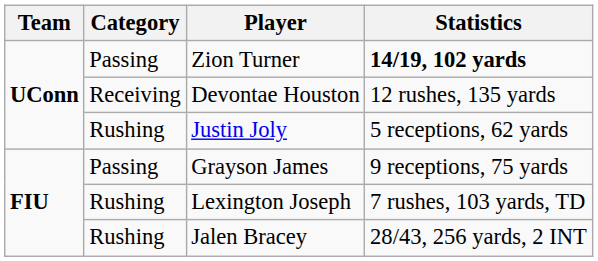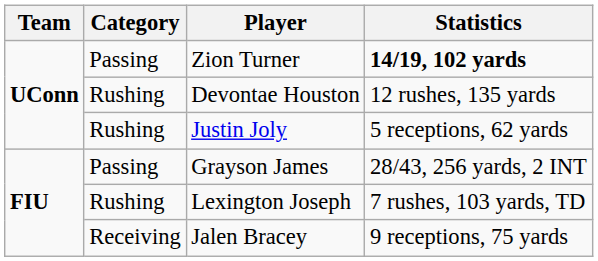 <table class="wikitable" style="float: left;">
 <tr>
 <th>Team</th>
 <th>Category</th>
 <th>Player</th>
 <th>Statistics</th>
 </tr>
 <tr>
 <td rowspan=3><strong>UConn</strong></td>
 <td>Passing</td>
 <td>Zion Turner</td>
 <td><strong>14/19, 102 yards</strong></td>
 </tr>
 <tr>
-<td>Receiving</td>
+<td>Rushing</td>
 <td>Devontae Houston</td>
 <td>12 rushes, 135 yards</td>
 </tr>
 <tr>
 <td>Rushing</td>
 <td><a href='#'>Justin Joly</a></td>
 <td>5 receptions, 62 yards</td>
 </tr>
 <tr>
 <td rowspan=3><strong>FIU</strong></td>
 <td>Passing</td>
 <td>Grayson James</td>
-<td>9 receptions, 75 yards</td>
+<td>28/43, 256 yards, 2 INT</td>
 </tr>
 <tr>
 <td>Rushing</td>
 <td>Lexington Joseph</td>
 <td>7 rushes, 103 yards, TD</td>
 </tr>
 <tr>
-<td>Rushing</td>
+<td>Receiving</td>
 <td>Jalen Bracey</td>
-<td>28/43, 256 yards, 2 INT</td>
+<td>9 receptions, 75 yards</td>
 </tr>
 </table>
